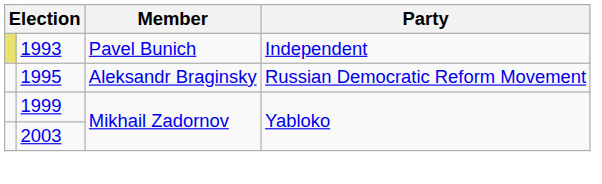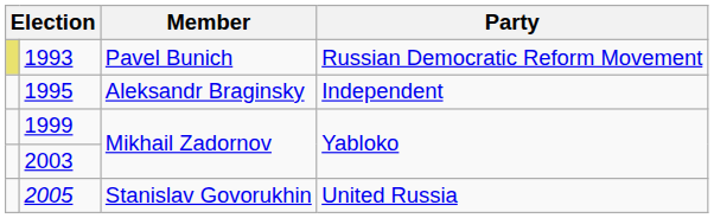 <table class="wikitable">
 <tr>
 <th colspan="2">Election</th>
 <th>Member</th>
 <th>Party</th>
 </tr>
 <tr>
 <td style="background-color:#E9E26E"></td>
 <td><a href='#'>1993</a></td>
 <td><a href='#'>Pavel Bunich</a></td>
-<td><a href='#'>Independent</a></td>
+<td><a href='#'>Russian Democratic Reform Movement</a></td>
 </tr>
 <tr>
 <td style="background-color:"></td>
 <td><a href='#'>1995</a></td>
 <td><a href='#'>Aleksandr Braginsky</a></td>
-<td><a href='#'>Russian Democratic Reform Movement</a></td>
+<td><a href='#'>Independent</a></td>
 </tr>
 <tr>
 <td style="background-color:"></td>
 <td><a href='#'>1999</a></td>
 <td rowspan=2><a href='#'>Mikhail Zadornov</a></td>
 <td rowspan=2><a href='#'>Yabloko</a></td>
 </tr>
 <tr>
 <td style="background-color:"></td>
 <td><a href='#'>2003</a></td>
 </tr>
+<tr>
+<td style="background-color:"></td>
+<td><em><a href='#'>2005</a></em></td>
+<td><a href='#'>Stanislav Govorukhin</a></td>
+<td><a href='#'>United Russia</a></td>
+</tr>
 </table>
